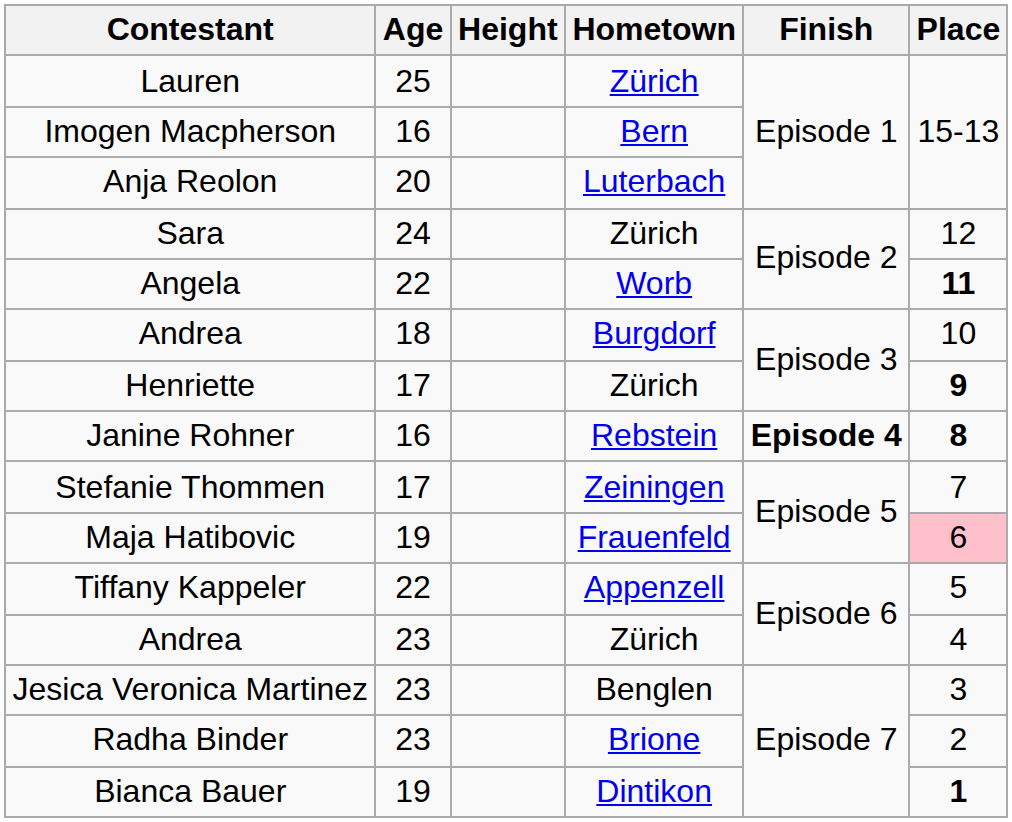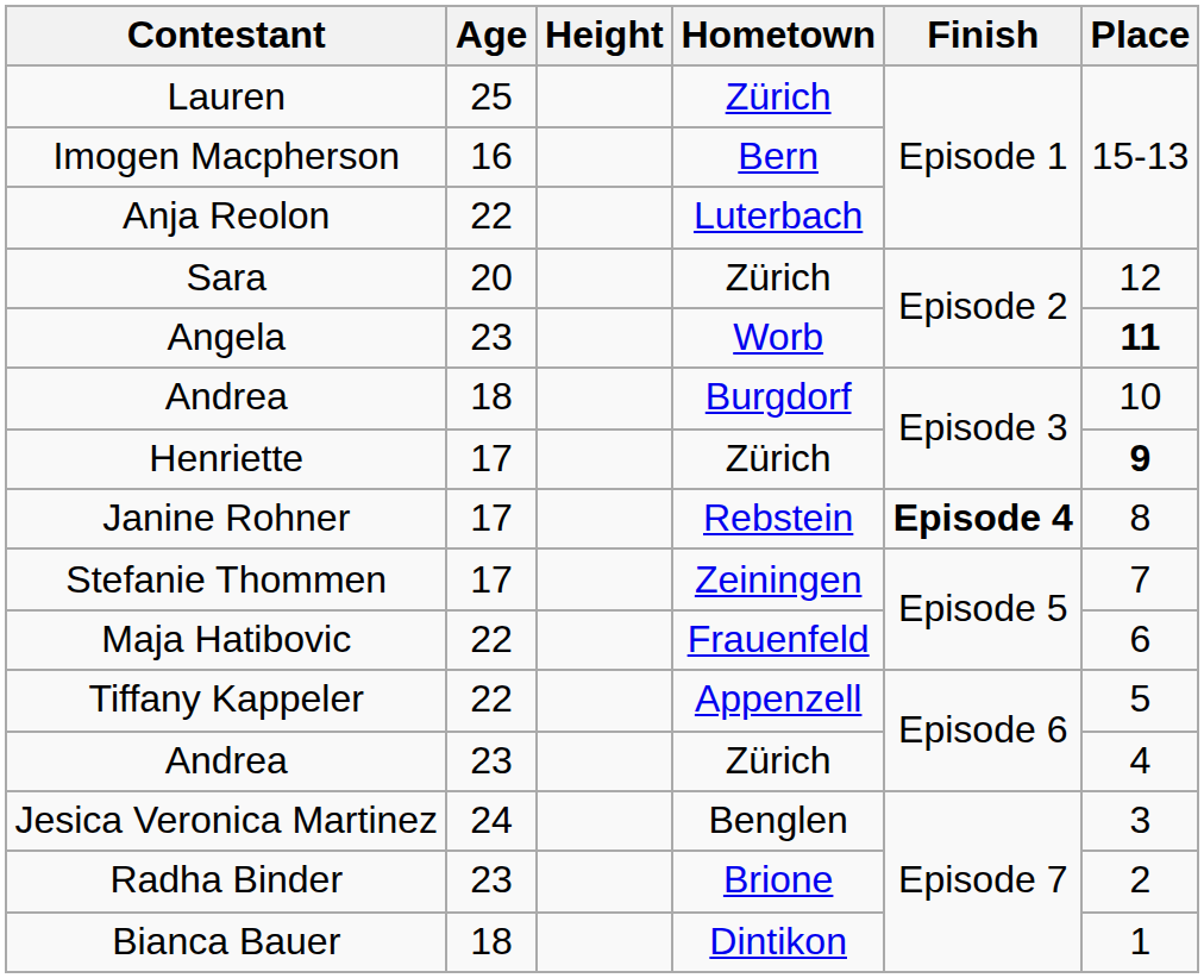 <table class="wikitable sortable" style="text-align:center;">
 <tr>
 <th>Contestant</th>
 <th>Age</th>
 <th>Height</th>
 <th>Hometown</th>
 <th>Finish</th>
 <th>Place</th>
 </tr>
 <tr>
 <td>Lauren</td>
 <td>25</td>
 <td></td>
 <td><a href='#'>Zürich</a></td>
 <td rowspan="3">Episode 1</td>
 <td rowspan="3">15-13</td>
 </tr>
 <tr>
 <td>Imogen Macpherson</td>
 <td>16</td>
 <td></td>
 <td><a href='#'>Bern</a></td>
 </tr>
 <tr>
 <td>Anja Reolon</td>
-<td>20</td>
+<td>22</td>
 <td></td>
 <td><a href='#'>Luterbach</a></td>
 </tr>
 <tr>
 <td>Sara</td>
-<td>24</td>
+<td>20</td>
 <td></td>
 <td>Zürich</td>
 <td rowspan="2">Episode 2</td>
 <td>12</td>
 </tr>
 <tr>
 <td>Angela</td>
-<td>22</td>
+<td>23</td>
 <td></td>
 <td><a href='#'>Worb</a></td>
 <td><strong>11</strong></td>
 </tr>
 <tr>
 <td>Andrea</td>
 <td>18</td>
 <td></td>
 <td><a href='#'>Burgdorf</a></td>
 <td rowspan="2">Episode 3</td>
 <td>10</td>
 </tr>
 <tr>
 <td>Henriette</td>
 <td>17</td>
 <td></td>
 <td>Zürich</td>
 <td><strong>9</strong></td>
 </tr>
 <tr>
 <td>Janine Rohner</td>
-<td>16</td>
+<td>17</td>
 <td></td>
 <td><a href='#'>Rebstein</a></td>
 <td><strong>Episode 4</strong></td>
-<td><strong>8</strong></td>
+<td>8</td>
 </tr>
 <tr>
 <td>Stefanie Thommen</td>
 <td>17</td>
 <td></td>
 <td><a href='#'>Zeiningen</a></td>
 <td rowspan="2">Episode 5</td>
 <td>7</td>
 </tr>
 <tr>
 <td>Maja Hatibovic</td>
-<td>19</td>
+<td>22</td>
 <td></td>
 <td><a href='#'>Frauenfeld</a></td>
-<td style="background: pink;">6</td>
+<td>6</td>
 </tr>
 <tr>
 <td>Tiffany Kappeler</td>
 <td>22</td>
 <td></td>
 <td><a href='#'>Appenzell</a></td>
 <td rowspan="2">Episode 6</td>
 <td>5</td>
 </tr>
 <tr>
 <td>Andrea</td>
 <td>23</td>
 <td></td>
 <td>Zürich</td>
 <td>4</td>
 </tr>
 <tr>
 <td>Jesica Veronica Martinez</td>
-<td>23</td>
+<td>24</td>
 <td></td>
 <td>Benglen</td>
 <td rowspan="3">Episode 7</td>
 <td>3</td>
 </tr>
 <tr>
 <td>Radha Binder</td>
 <td>23</td>
 <td></td>
 <td><a href='#'>Brione</a></td>
 <td>2</td>
 </tr>
 <tr>
 <td>Bianca Bauer</td>
-<td>19</td>
+<td>18</td>
 <td></td>
 <td><a href='#'>Dintikon</a></td>
-<td><strong>1</strong></td>
+<td>1</td>
 </tr>
 <tr>
 </tr>
 </table>
